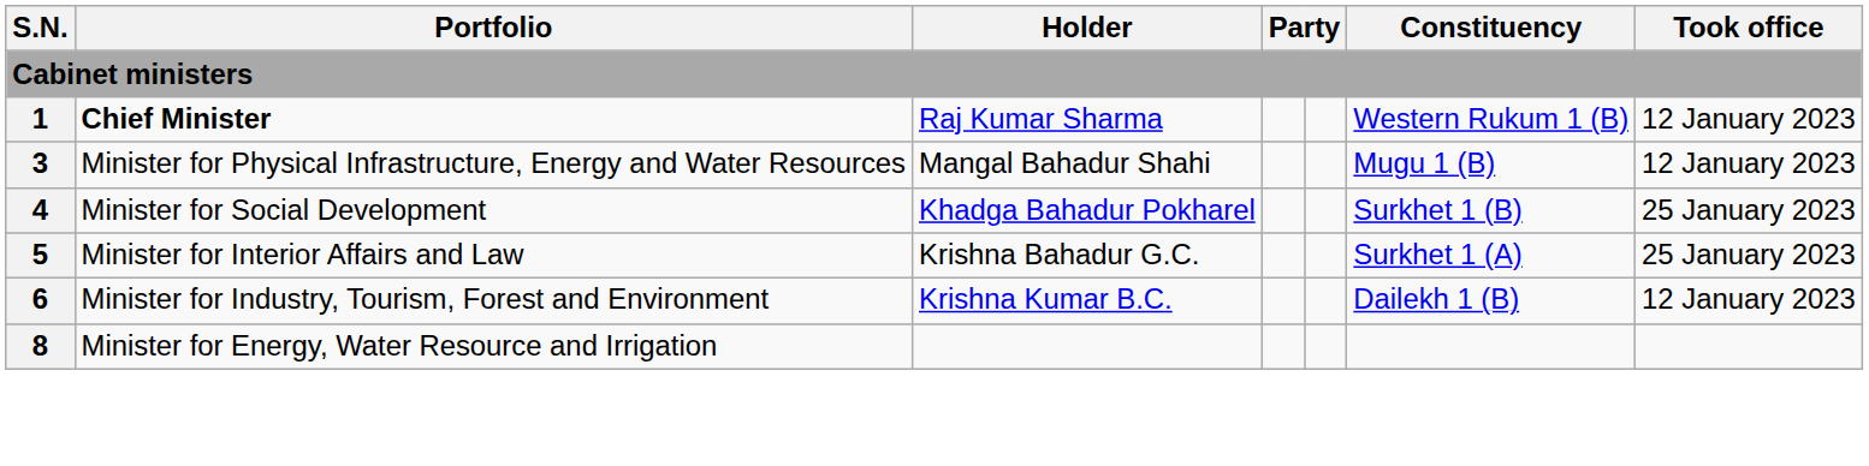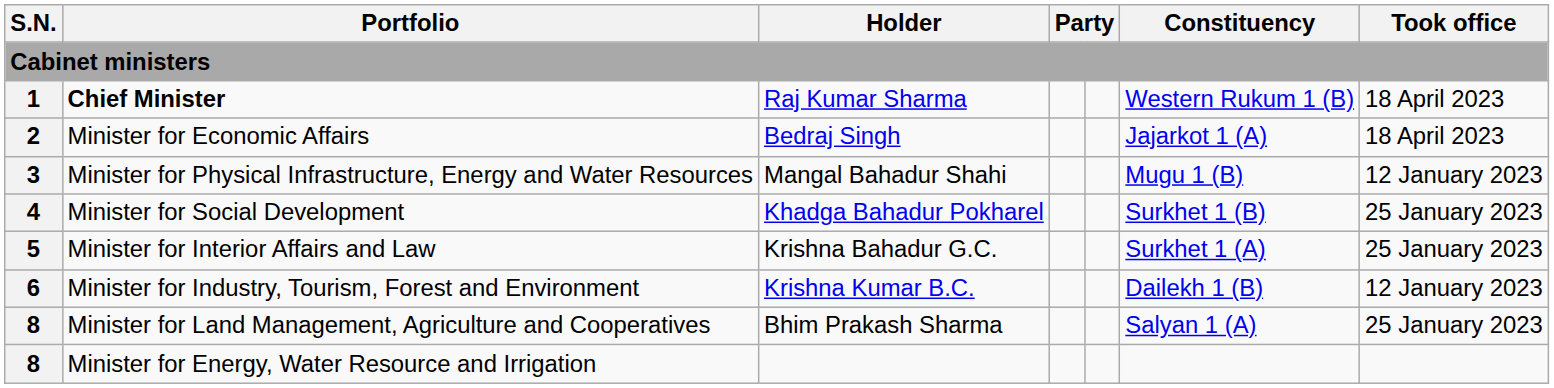 <table class="wikitable">
 <tr>
 <th>S.N.</th>
 <th>Portfolio</th>
 <th>Holder</th>
 <th colspan="2">Party</th>
 <th>Constituency</th>
 <th>Took office</th>
 </tr>
 <tr>
 <td colspan="7" bgcolor="darkgrey"><strong>Cabinet ministers</strong></td>
 </tr>
 <tr>
 <th>1</th>
 <td><strong>Chief Minister</strong></td>
 <td><a href='#'>Raj Kumar Sharma</a></td>
 <td></td>
 <td></td>
 <td><a href='#'>Western Rukum 1 (B)</a></td>
-<td>12 January 2023</td>
+<td>18 April 2023</td>
+</tr>
+<tr>
+<th>2</th>
+<td>Minister for Economic Affairs</td>
+<td><a href='#'>Bedraj Singh</a></td>
+<td></td>
+<td></td>
+<td><a href='#'>Jajarkot 1 (A)</a></td>
+<td>18 April 2023</td>
 </tr>
 <tr>
 <th>3</th>
 <td>Minister for Physical Infrastructure, Energy and Water Resources</td>
 <td>Mangal Bahadur Shahi</td>
 <td></td>
 <td></td>
 <td><a href='#'>Mugu 1 (B)</a></td>
 <td>12 January 2023</td>
 </tr>
 <tr>
 <th>4</th>
 <td>Minister for Social Development</td>
 <td><a href='#'>Khadga Bahadur Pokharel</a></td>
 <td></td>
 <td></td>
 <td><a href='#'>Surkhet 1 (B)</a></td>
 <td>25 January 2023</td>
 </tr>
 <tr>
 <th>5</th>
 <td>Minister for Interior Affairs and Law</td>
 <td>Krishna Bahadur G.C.</td>
 <td></td>
 <td></td>
 <td><a href='#'>Surkhet 1 (A)</a></td>
 <td>25 January 2023</td>
 </tr>
 <tr>
 <th>6</th>
 <td>Minister for Industry, Tourism, Forest and Environment</td>
 <td><a href='#'>Krishna Kumar B.C.</a></td>
 <td></td>
 <td></td>
 <td><a href='#'>Dailekh 1 (B)</a></td>
 <td>12 January 2023</td>
 </tr>
 <tr>
 <th>8</th>
+<td>Minister for Land Management, Agriculture and Cooperatives</td>
+<td>Bhim Prakash Sharma</td>
+<td></td>
+<td></td>
+<td><a href='#'>Salyan 1 (A)</a></td>
+<td>25 January 2023</td>
+</tr>
+<tr>
+<th>8</th>
 <td>Minister for Energy, Water Resource and Irrigation</td>
 <td></td>
 <td></td>
 <td></td>
 <td></td>
 <td></td>
 </tr>
 </table>
